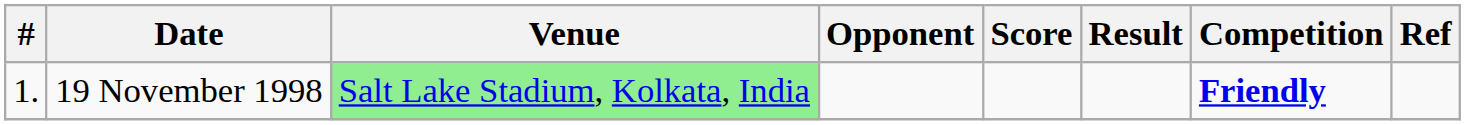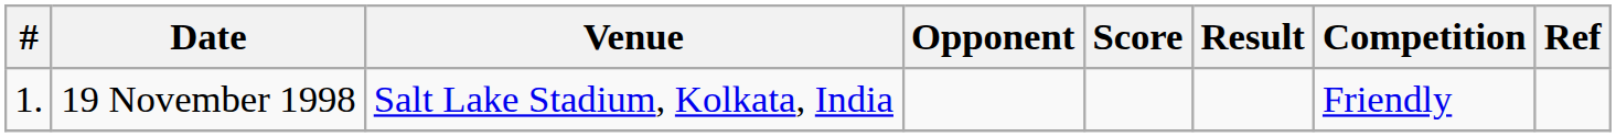 <table class="wikitable" style="font-size:95%;">
 <tr>
 <th>#</th>
 <th>Date</th>
 <th>Venue</th>
 <th>Opponent</th>
 <th>Score</th>
 <th>Result</th>
 <th>Competition</th>
 <th>Ref</th>
 </tr>
 <tr>
 <td>1.</td>
 <td>19 November 1998</td>
-<td style="background: lightgreen;"><a href='#'>Salt Lake Stadium</a>, <a href='#'>Kolkata</a>, <a href='#'>India</a></td>
+<td><a href='#'>Salt Lake Stadium</a>, <a href='#'>Kolkata</a>, <a href='#'>India</a></td>
 <td></td>
 <td></td>
 <td></td>
-<td><strong><a href='#'>Friendly</a></strong></td>
+<td><a href='#'>Friendly</a></td>
 <td></td>
 </tr>
 <tr>
 </tr>
 </table>
